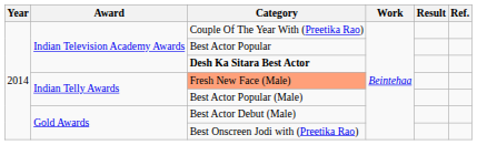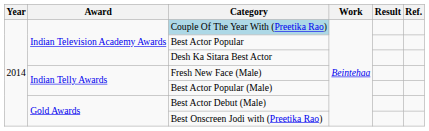 <table class="wikitable">
 <tr>
 <th>Year</th>
 <th>Award</th>
 <th>Category</th>
 <th>Work</th>
 <th>Result</th>
 <th>Ref.</th>
 </tr>
 <tr>
 <td rowspan=7>2014</td>
 <td rowspan="3"><a href='#'>Indian Television Academy Awards</a></td>
-<td> Couple Of The Year With (<a href='#'>Preetika Rao</a>)</td>
+<td style="background: lightblue;"> Couple Of The Year With (<a href='#'>Preetika Rao</a>)</td>
 <td rowspan="7"><em><a href='#'>Beintehaa</a></em></td>
 <td></td>
 <td></td>
 </tr>
 <tr>
 <td>Best Actor Popular</td>
 <td></td>
 <td></td>
 </tr>
 <tr>
-<td><strong>Desh Ka Sitara Best Actor</strong></td>
+<td>Desh Ka Sitara Best Actor</td>
 <td></td>
 <td></td>
 </tr>
 <tr>
 <td rowspan=2><a href='#'>Indian Telly Awards</a></td>
-<td style="background: lightsalmon;">Fresh New Face (Male)</td>
+<td>Fresh New Face (Male)</td>
 <td></td>
 <td></td>
 </tr>
 <tr>
 <td>Best Actor Popular (Male)</td>
 <td></td>
 <td></td>
 </tr>
 <tr>
 <td rowspan=2><a href='#'>Gold Awards</a></td>
 <td>Best Actor Debut (Male)</td>
 <td></td>
 <td></td>
 </tr>
 <tr>
 <td>Best Onscreen Jodi with (<a href='#'>Preetika Rao</a>)</td>
 <td></td>
 <td></td>
 </tr>
 </table>
